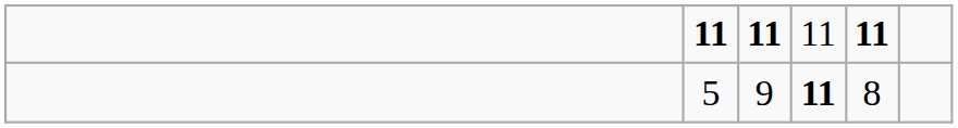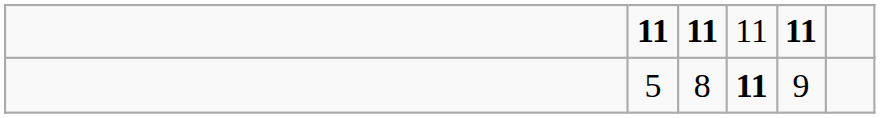 <table class="wikitable">
 <tr>
 <td style="width:18em"></td>
 <td align=center style="width:1em"><strong>11</strong></td>
 <td align=center style="width:1em"><strong>11</strong></td>
 <td align=center style="width:1em">11</td>
 <td align=center style="width:1em"><strong>11</strong></td>
 <td align=center style="width:1em"></td>
 </tr>
 <tr>
 <td style="width:18em"></td>
 <td align=center style="width:1em">5</td>
+<td align=center style="width:1em">8</td>
+<td align=center style="width:1em"><strong>11</strong></td>
 <td align=center style="width:1em">9</td>
-<td align=center style="width:1em"><strong>11</strong></td>
-<td align=center style="width:1em">8</td>
 <td align=center style="width:1em"></td>
 </tr>
 </table>
